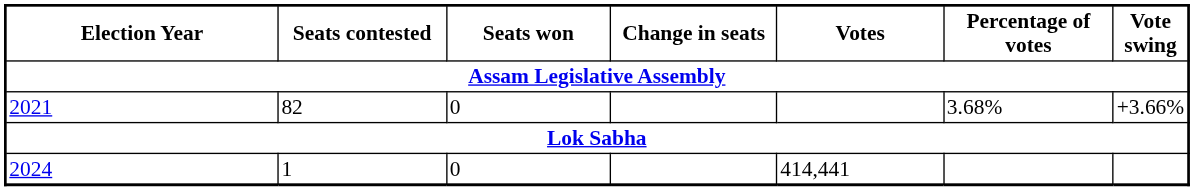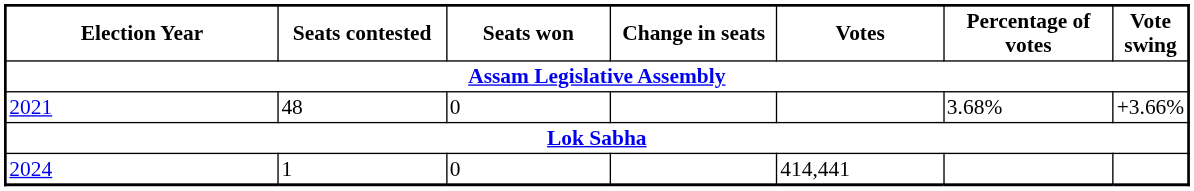 <table class="sortable" style="border-collapse: collapse; border: 2px #000000 solid; font-size: x-big; font-family: verdana" width="70%" cellspacing="0" cellpadding="2" border="1">
 <tr>
 <th style="width:25%;" Style="background-color:#0048BA; color:white">Election Year</th>
 <th style="width:15%;" Style="background-color:#0048BA; color:white">Seats contested</th>
 <th style="width:15%;" Style="background-color:#0048BA; color:white">Seats won</th>
 <th style="width:15%;" Style="background-color:#0048BA; color:white">Change in seats</th>
 <th style="width:15%;" Style="background-color:#0048BA; color:white">Votes</th>
 <th style="width:15%;" Style="background-color:#0048BA; color:white">Percentage of votes</th>
 <th style="width:15%;" Style="background-color:#0048BA; color:white">Vote swing</th>
 </tr>
 <tr style="text-align:center;">
 <th colspan=7><a href='#'>Assam Legislative Assembly</a></th>
 </tr>
 <tr>
 <td><a href='#'>2021</a></td>
-<td>82</td>
+<td>48</td>
 <td>0</td>
 <td></td>
 <td></td>
 <td>3.68%</td>
 <td>+3.66%</td>
 </tr>
 <tr>
 <th colspan=7><a href='#'>Lok Sabha</a></th>
 </tr>
 <tr>
 <td><a href='#'>2024</a></td>
 <td>1</td>
 <td>0</td>
 <td></td>
 <td>414,441</td>
 <td></td>
 <td></td>
 </tr>
 <tr>
 </tr>
 </table>
